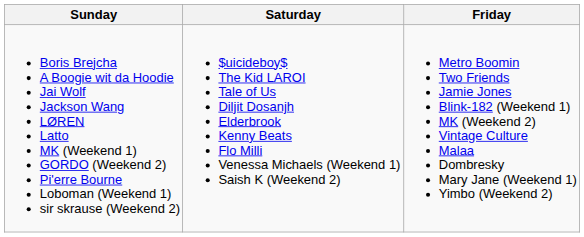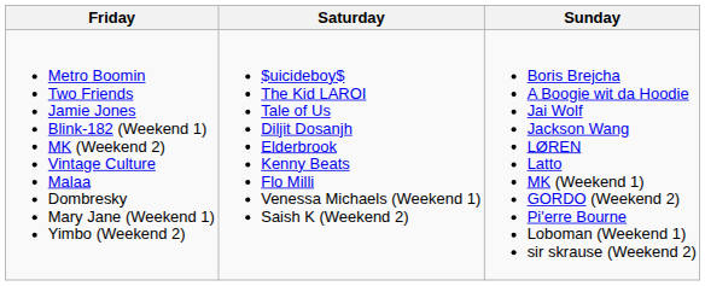 <table class="wikitable">
 <tr>
+<th>Friday</th>
+<th>Saturday</th>
 <th>Sunday</th>
-<th>Saturday</th>
-<th>Friday</th>
 </tr>
 <tr valign="top">
+<td><br><ul><li><a href='#'>Metro Boomin</a></li><li><a href='#'>Two Friends</a></li><li><a href='#'>Jamie Jones</a></li><li><a href='#'>Blink-182</a> (Weekend 1)</li><li><a href='#'>MK</a> (Weekend 2)</li><li><a href='#'>Vintage Culture</a></li><li><a href='#'>Malaa</a></li><li>Dombresky</li><li>Mary Jane (Weekend 1)</li><li>Yimbo (Weekend 2)</li></ul></td>
+<td><br><ul><li><a href='#'>$uicideboy$</a></li><li><a href='#'>The Kid LAROI</a></li><li><a href='#'>Tale of Us</a></li><li><a href='#'>Diljit Dosanjh</a></li><li><a href='#'>Elderbrook</a></li><li><a href='#'>Kenny Beats</a></li><li><a href='#'>Flo Milli</a></li><li>Venessa Michaels (Weekend 1)</li><li>Saish K (Weekend 2)</li></ul></td>
 <td><br><ul><li><a href='#'>Boris Brejcha</a></li><li><a href='#'>A Boogie wit da Hoodie</a></li><li><a href='#'>Jai Wolf</a></li><li><a href='#'>Jackson Wang</a></li><li><a href='#'>LØREN</a></li><li><a href='#'>Latto</a></li><li><a href='#'>MK</a> (Weekend 1)</li><li><a href='#'>GORDO</a> (Weekend 2)</li><li><a href='#'>Pi'erre Bourne</a></li><li>Loboman (Weekend 1)</li><li>sir skrause (Weekend 2)</li></ul></td>
-<td><br><ul><li><a href='#'>$uicideboy$</a></li><li><a href='#'>The Kid LAROI</a></li><li><a href='#'>Tale of Us</a></li><li><a href='#'>Diljit Dosanjh</a></li><li><a href='#'>Elderbrook</a></li><li><a href='#'>Kenny Beats</a></li><li><a href='#'>Flo Milli</a></li><li>Venessa Michaels (Weekend 1)</li><li>Saish K (Weekend 2)</li></ul></td>
-<td><br><ul><li><a href='#'>Metro Boomin</a></li><li><a href='#'>Two Friends</a></li><li><a href='#'>Jamie Jones</a></li><li><a href='#'>Blink-182</a> (Weekend 1)</li><li><a href='#'>MK</a> (Weekend 2)</li><li><a href='#'>Vintage Culture</a></li><li><a href='#'>Malaa</a></li><li>Dombresky</li><li>Mary Jane (Weekend 1)</li><li>Yimbo (Weekend 2)</li></ul></td>
 </tr>
 </table>
